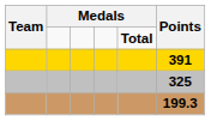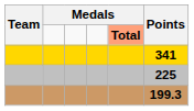 <table class="wikitable" style="text-align:center;">
 <tr>
 <th rowspan=2>Team</th>
 <th colspan=4>Medals</th>
 <th rowspan=2>Points</th>
 </tr>
 <tr>
 <td width=20px></td>
 <td width=20px></td>
 <td width=20px></td>
-<td><strong>Total</strong></td>
+<td style="background: lightsalmon;"><strong>Total</strong></td>
 </tr>
 <tr bgcolor=gold>
 <td align=left></td>
 <td></td>
 <td></td>
 <td></td>
 <td></td>
-<td><strong>391</strong></td>
+<td><strong>341</strong></td>
 </tr>
 <tr bgcolor=silver>
 <td align=left></td>
 <td></td>
 <td></td>
 <td></td>
 <td></td>
-<td><strong>325</strong></td>
+<td><strong>225</strong></td>
 </tr>
 <tr bgcolor="CC9966">
 <td align=left></td>
 <td></td>
 <td></td>
 <td></td>
 <td></td>
 <td><strong>199.3</strong></td>
 </tr>
 </table>
